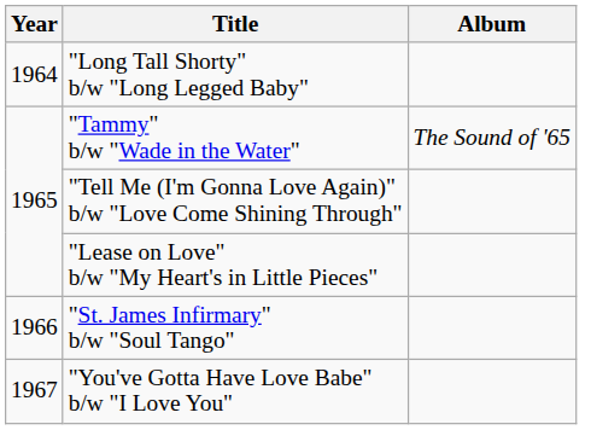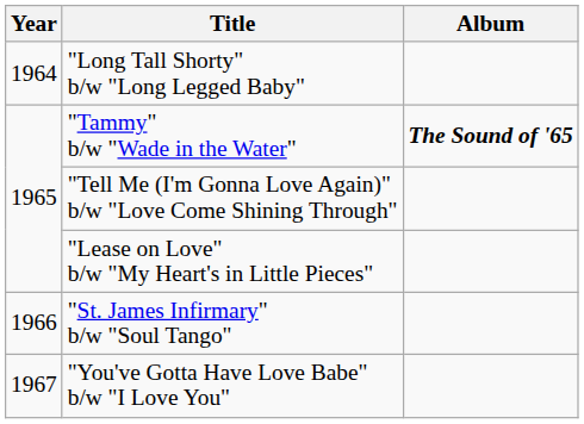 <table class="wikitable">
 <tr>
 <th>Year</th>
 <th>Title</th>
 <th>Album</th>
 </tr>
 <tr>
 <td>1964</td>
 <td>"Long Tall Shorty"<br>b/w "Long Legged Baby"</td>
 <td></td>
 </tr>
 <tr>
 <td rowspan="3">1965</td>
 <td>"<a href='#'>Tammy</a>"<br>b/w "<a href='#'>Wade in the Water</a>"</td>
-<td><em>The Sound of '65</em></td>
+<td><strong><em>The Sound of '65</em></strong></td>
 </tr>
 <tr>
 <td>"Tell Me (I'm Gonna Love Again)"<br>b/w "Love Come Shining Through"</td>
 <td></td>
 </tr>
 <tr>
 <td>"Lease on Love"<br>b/w "My Heart's in Little Pieces"</td>
 <td></td>
 </tr>
 <tr>
 <td>1966</td>
 <td>"<a href='#'>St. James Infirmary</a>"<br>b/w "Soul Tango"</td>
 <td></td>
 </tr>
 <tr>
 <td>1967</td>
 <td>"You've Gotta Have Love Babe"<br>b/w "I Love You"</td>
 <td></td>
 </tr>
 </table>
